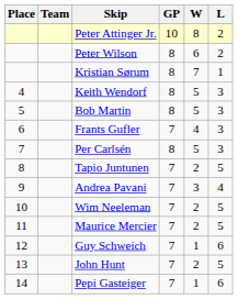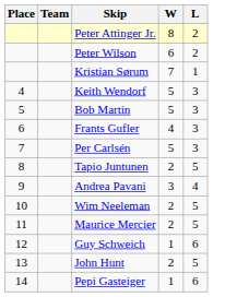 <table class="wikitable" style="text-align:center;">
 <tr>
 <th>Place</th>
 <th>Team</th>
 <th>Skip</th>
-<th width="25">GP</th>
 <th width="25">W</th>
 <th width="25">L</th>
 </tr>
 <tr bgcolor="#ffffcc">
 <td></td>
 <td align=left></td>
 <td align=left><a href='#'>Peter Attinger Jr.</a></td>
-<td>10</td>
 <td>8</td>
 <td>2</td>
 </tr>
 <tr>
 <td></td>
 <td align=left></td>
 <td align=left><a href='#'>Peter Wilson</a></td>
-<td>8</td>
 <td>6</td>
 <td>2</td>
 </tr>
 <tr>
 <td></td>
 <td align=left></td>
 <td align=left><a href='#'>Kristian Sørum</a></td>
-<td>8</td>
 <td>7</td>
 <td>1</td>
 </tr>
 <tr>
 <td>4</td>
 <td align=left></td>
 <td align=left><a href='#'>Keith Wendorf</a></td>
-<td>8</td>
 <td>5</td>
 <td>3</td>
 </tr>
 <tr>
 <td>5</td>
 <td align=left></td>
 <td align=left><a href='#'>Bob Martin</a></td>
-<td>8</td>
 <td>5</td>
 <td>3</td>
 </tr>
 <tr>
 <td>6</td>
 <td align=left></td>
 <td align=left><a href='#'>Frants Gufler</a></td>
-<td>7</td>
 <td>4</td>
 <td>3</td>
 </tr>
 <tr>
 <td>7</td>
 <td align=left></td>
 <td align=left><a href='#'>Per Carlsén</a></td>
-<td>8</td>
 <td>5</td>
 <td>3</td>
 </tr>
 <tr>
 <td>8</td>
 <td align=left></td>
 <td align=left><a href='#'>Tapio Juntunen</a></td>
-<td>7</td>
 <td>2</td>
 <td>5</td>
 </tr>
 <tr>
 <td>9</td>
 <td align=left></td>
 <td align=left><a href='#'>Andrea Pavani</a></td>
-<td>7</td>
 <td>3</td>
 <td>4</td>
 </tr>
 <tr>
 <td>10</td>
 <td align=left></td>
 <td align=left><a href='#'>Wim Neeleman</a></td>
-<td>7</td>
 <td>2</td>
 <td>5</td>
 </tr>
 <tr>
 <td>11</td>
 <td align=left></td>
 <td align=left><a href='#'>Maurice Mercier</a></td>
-<td>7</td>
 <td>2</td>
 <td>5</td>
 </tr>
 <tr>
 <td>12</td>
 <td align=left></td>
 <td align=left><a href='#'>Guy Schweich</a></td>
-<td>7</td>
 <td>1</td>
 <td>6</td>
 </tr>
 <tr>
 <td>13</td>
 <td align=left></td>
 <td align=left><a href='#'>John Hunt</a></td>
-<td>7</td>
 <td>2</td>
 <td>5</td>
 </tr>
 <tr>
 <td>14</td>
 <td align=left></td>
 <td align=left><a href='#'>Pepi Gasteiger</a></td>
-<td>7</td>
 <td>1</td>
 <td>6</td>
 </tr>
 </table>
